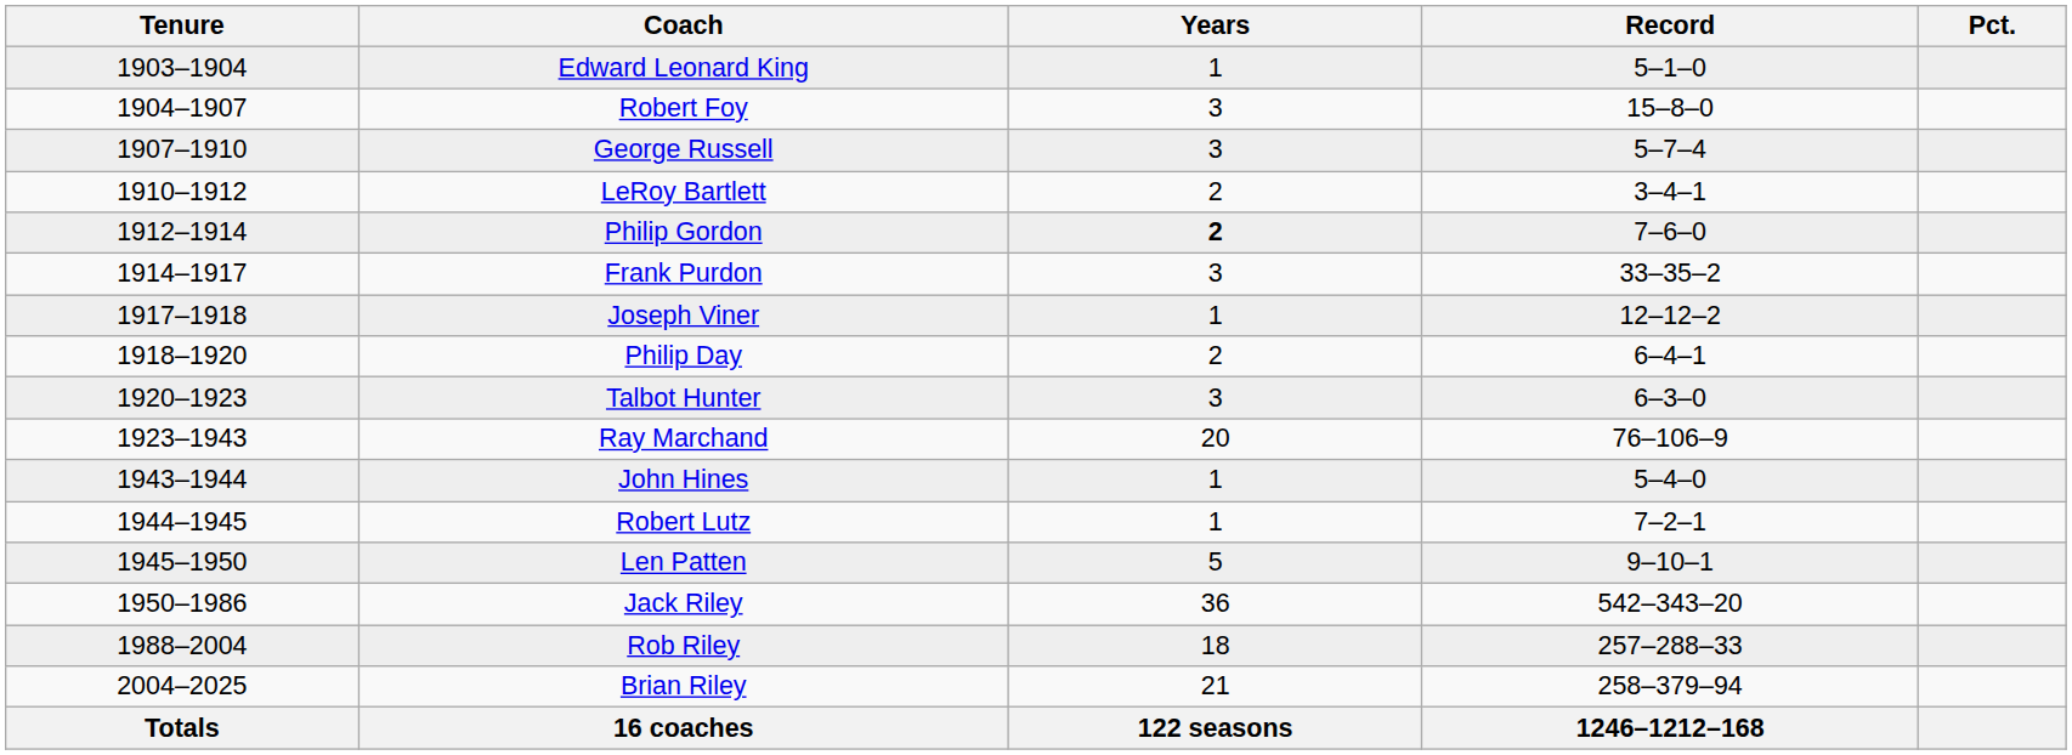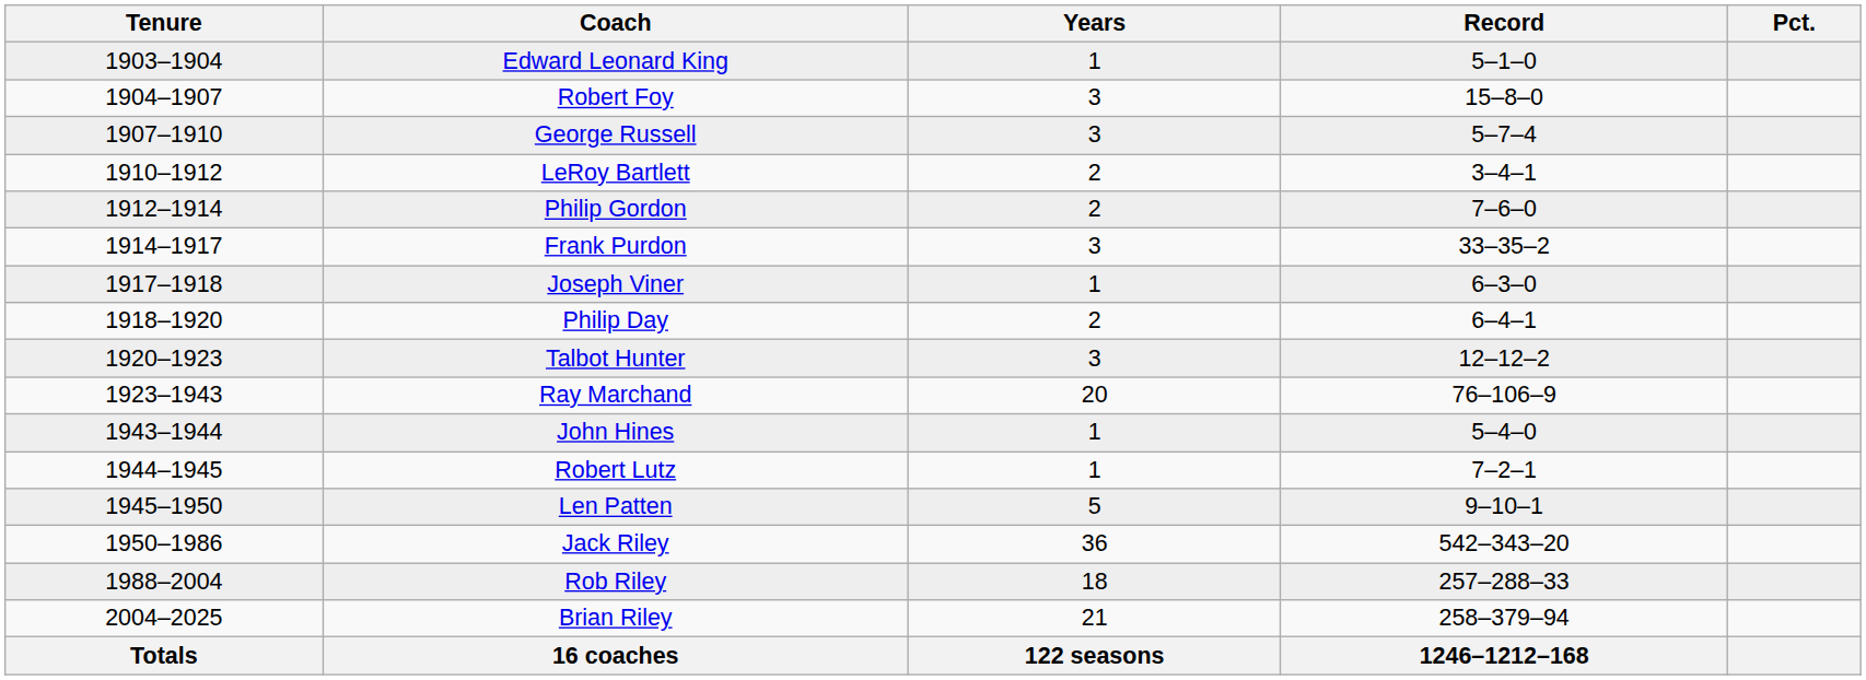 <table class="wikitable" width ="80%">
 <tr>
 <th>Tenure</th>
 <th>Coach</th>
 <th>Years</th>
 <th>Record</th>
 <th>Pct.</th>
 </tr>
 <tr align="center" bgcolor=eeeeee>
 <td>1903–1904</td>
 <td><a href='#'>Edward Leonard King</a></td>
 <td>1</td>
 <td>5–1–0</td>
 <td></td>
 </tr>
 <tr align="center">
 <td>1904–1907</td>
 <td><a href='#'>Robert Foy</a></td>
 <td>3</td>
 <td>15–8–0</td>
 <td></td>
 </tr>
 <tr align="center" bgcolor=eeeeee>
 <td>1907–1910</td>
 <td><a href='#'>George Russell</a></td>
 <td>3</td>
 <td>5–7–4</td>
 <td></td>
 </tr>
 <tr align="center">
 <td>1910–1912</td>
 <td><a href='#'>LeRoy Bartlett</a></td>
 <td>2</td>
 <td>3–4–1</td>
 <td></td>
 </tr>
 <tr align="center" bgcolor=eeeeee>
 <td>1912–1914</td>
 <td><a href='#'>Philip Gordon</a></td>
-<td><strong>2</strong></td>
+<td>2</td>
 <td>7–6–0</td>
 <td></td>
 </tr>
 <tr align="center">
 <td>1914–1917</td>
 <td><a href='#'>Frank Purdon</a></td>
 <td>3</td>
 <td>33–35–2</td>
 <td></td>
 </tr>
 <tr align="center" bgcolor=eeeeee>
 <td>1917–1918</td>
 <td><a href='#'>Joseph Viner</a></td>
 <td>1</td>
-<td>12–12–2</td>
+<td>6–3–0</td>
 <td></td>
 </tr>
 <tr align="center">
 <td>1918–1920</td>
 <td><a href='#'>Philip Day</a></td>
 <td>2</td>
 <td>6–4–1</td>
 <td></td>
 </tr>
 <tr align="center" bgcolor=eeeeee>
 <td>1920–1923</td>
 <td><a href='#'>Talbot Hunter</a></td>
 <td>3</td>
-<td>6–3–0</td>
+<td>12–12–2</td>
 <td></td>
 </tr>
 <tr align="center">
 <td>1923–1943</td>
 <td><a href='#'>Ray Marchand</a></td>
 <td>20</td>
 <td>76–106–9</td>
 <td></td>
 </tr>
 <tr align="center" bgcolor=eeeeee>
 <td>1943–1944</td>
 <td><a href='#'>John Hines</a></td>
 <td>1</td>
 <td>5–4–0</td>
 <td></td>
 </tr>
 <tr align="center">
 <td>1944–1945</td>
 <td><a href='#'>Robert Lutz</a></td>
 <td>1</td>
 <td>7–2–1</td>
 <td></td>
 </tr>
 <tr align="center" bgcolor=eeeeee>
 <td>1945–1950</td>
 <td><a href='#'>Len Patten</a></td>
 <td>5</td>
 <td>9–10–1</td>
 <td></td>
 </tr>
 <tr align="center">
 <td>1950–1986</td>
 <td><a href='#'>Jack Riley</a></td>
 <td>36</td>
 <td>542–343–20</td>
 <td></td>
 </tr>
 <tr align="center" bgcolor=eeeeee>
 <td>1988–2004</td>
 <td><a href='#'>Rob Riley</a></td>
 <td>18</td>
 <td>257–288–33</td>
 <td></td>
 </tr>
 <tr align="center">
 <td>2004–2025</td>
 <td><a href='#'>Brian Riley</a></td>
 <td>21</td>
 <td>258–379–94</td>
 <td></td>
 </tr>
 <tr align=center>
 <th>Totals</th>
 <th>16 coaches</th>
 <th>122 seasons</th>
 <th>1246–1212–168</th>
 <th></th>
 </tr>
 </table>
